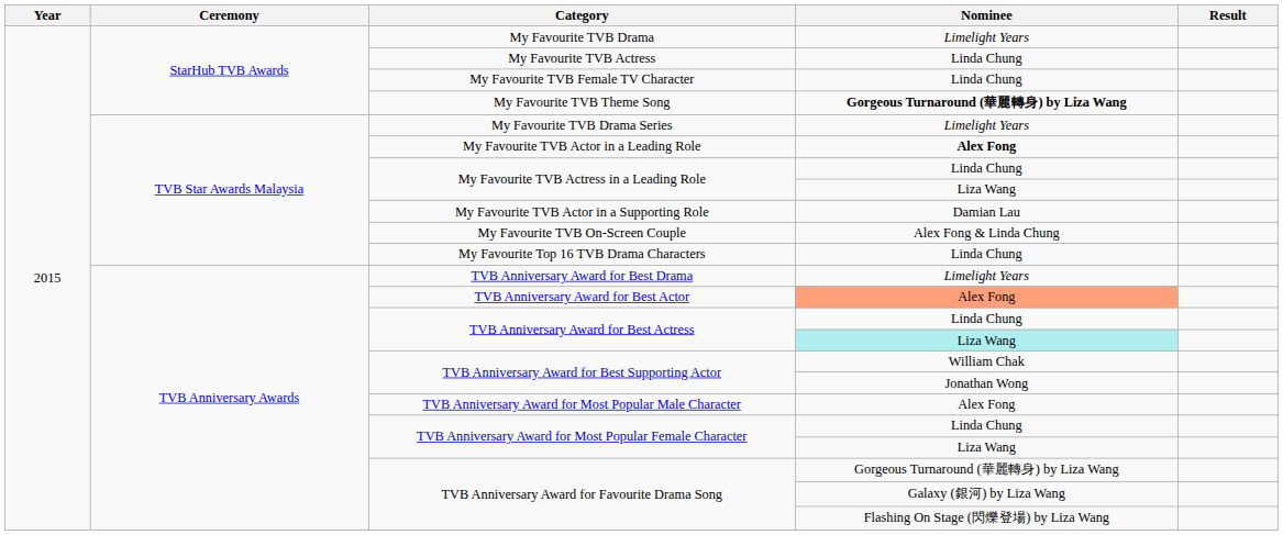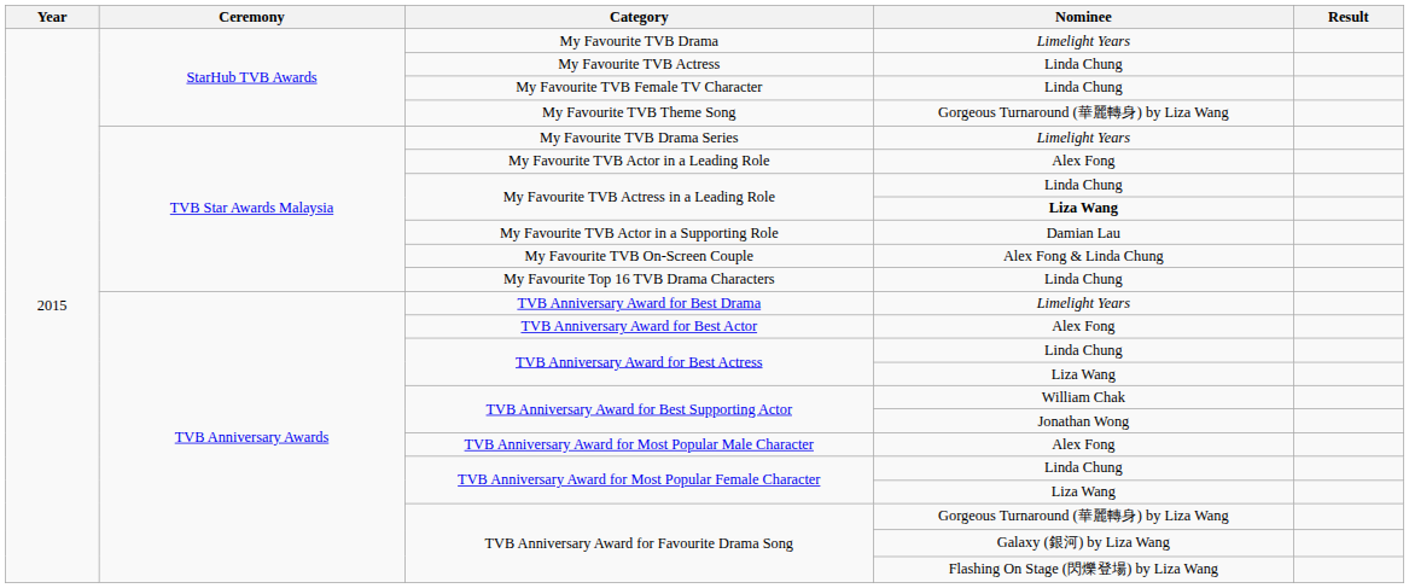 <table class="wikitable" style="width:95%;">
 <tr>
 <th style="width:50px;">Year</th>
 <th style="width:180px;">Ceremony</th>
 <th style="width:280px;">Category</th>
 <th style="width:250px;">Nominee</th>
 <th style="width:60px;">Result</th>
 </tr>
 <tr>
 <td align="center" rowspan=23>2015</td>
 <td align="center" rowspan=4><a href='#'>StarHub TVB Awards</a></td>
 <td align="center">My Favourite TVB Drama</td>
 <td align="center"><em>Limelight Years</em></td>
 <td></td>
 </tr>
 <tr>
 <td align="center">My Favourite TVB Actress</td>
 <td align="center">Linda Chung</td>
 <td></td>
 </tr>
 <tr>
 <td align="center">My Favourite TVB Female TV Character</td>
 <td align="center">Linda Chung</td>
 <td></td>
 </tr>
 <tr>
 <td align="center">My Favourite TVB Theme Song</td>
-<td align="center"><strong>Gorgeous Turnaround (華麗轉身) by Liza Wang</strong></td>
+<td align="center">Gorgeous Turnaround (華麗轉身) by Liza Wang</td>
 <td></td>
 </tr>
 <tr>
 <td align="center" rowspan=7><a href='#'>TVB Star Awards Malaysia</a></td>
 <td align="center">My Favourite TVB Drama Series</td>
 <td align="center"><em>Limelight Years</em></td>
 <td></td>
 </tr>
 <tr>
 <td align="center">My Favourite TVB Actor in a Leading Role</td>
-<td align="center"><strong>Alex Fong</strong></td>
+<td align="center">Alex Fong</td>
 <td></td>
 </tr>
 <tr>
 <td rowspan=2 align="center">My Favourite TVB Actress in a Leading Role</td>
 <td align="center">Linda Chung</td>
 <td></td>
 </tr>
 <tr>
-<td align="center">Liza Wang</td>
+<td align="center"><strong>Liza Wang</strong></td>
 <td></td>
 </tr>
 <tr>
 <td align="center">My Favourite TVB Actor in a Supporting Role</td>
 <td align="center">Damian Lau</td>
 <td></td>
 </tr>
 <tr>
 <td align="center">My Favourite TVB On-Screen Couple</td>
 <td align="center">Alex Fong & Linda Chung</td>
 <td></td>
 </tr>
 <tr>
 <td align="center">My Favourite Top 16 TVB Drama Characters</td>
 <td align="center">Linda Chung</td>
 <td></td>
 </tr>
 <tr>
 <td align="center" rowspan=12><a href='#'>TVB Anniversary Awards</a></td>
 <td align="center"><a href='#'>TVB Anniversary Award for Best Drama</a></td>
 <td align="center"><em>Limelight Years</em></td>
 <td></td>
 </tr>
 <tr>
 <td align="center"><a href='#'>TVB Anniversary Award for Best Actor</a></td>
-<td align="center" style="background: lightsalmon;">Alex Fong</td>
+<td align="center">Alex Fong</td>
 <td></td>
 </tr>
 <tr>
 <td rowspan= 2 align="center"><a href='#'>TVB Anniversary Award for Best Actress</a></td>
 <td align="center">Linda Chung</td>
 <td></td>
 </tr>
 <tr>
-<td align="center" style="background: paleturquoise;">Liza Wang</td>
+<td align="center">Liza Wang</td>
 <td></td>
 </tr>
 <tr>
 <td rowspan= 2 align="center"><a href='#'>TVB Anniversary Award for Best Supporting Actor</a></td>
 <td align="center">William Chak</td>
 <td></td>
 </tr>
 <tr>
 <td align="center">Jonathan Wong</td>
 <td></td>
 </tr>
 <tr>
 <td align="center"><a href='#'>TVB Anniversary Award for Most Popular Male Character</a></td>
 <td align="center">Alex Fong</td>
 <td></td>
 </tr>
 <tr>
 <td rowspan= 2 align="center"><a href='#'>TVB Anniversary Award for Most Popular Female Character</a></td>
 <td align="center">Linda Chung</td>
 <td></td>
 </tr>
 <tr>
 <td align="center">Liza Wang</td>
 <td></td>
 </tr>
 <tr>
 <td rowspan= 3 align="center">TVB Anniversary Award for Favourite Drama Song</td>
 <td align="center">Gorgeous Turnaround (華麗轉身) by Liza Wang</td>
 <td></td>
 </tr>
 <tr>
 <td align="center">Galaxy (銀河) by Liza Wang</td>
 <td></td>
 </tr>
 <tr>
 <td align="center">Flashing On Stage (閃爍登場) by Liza Wang</td>
 <td></td>
 </tr>
 </table>
